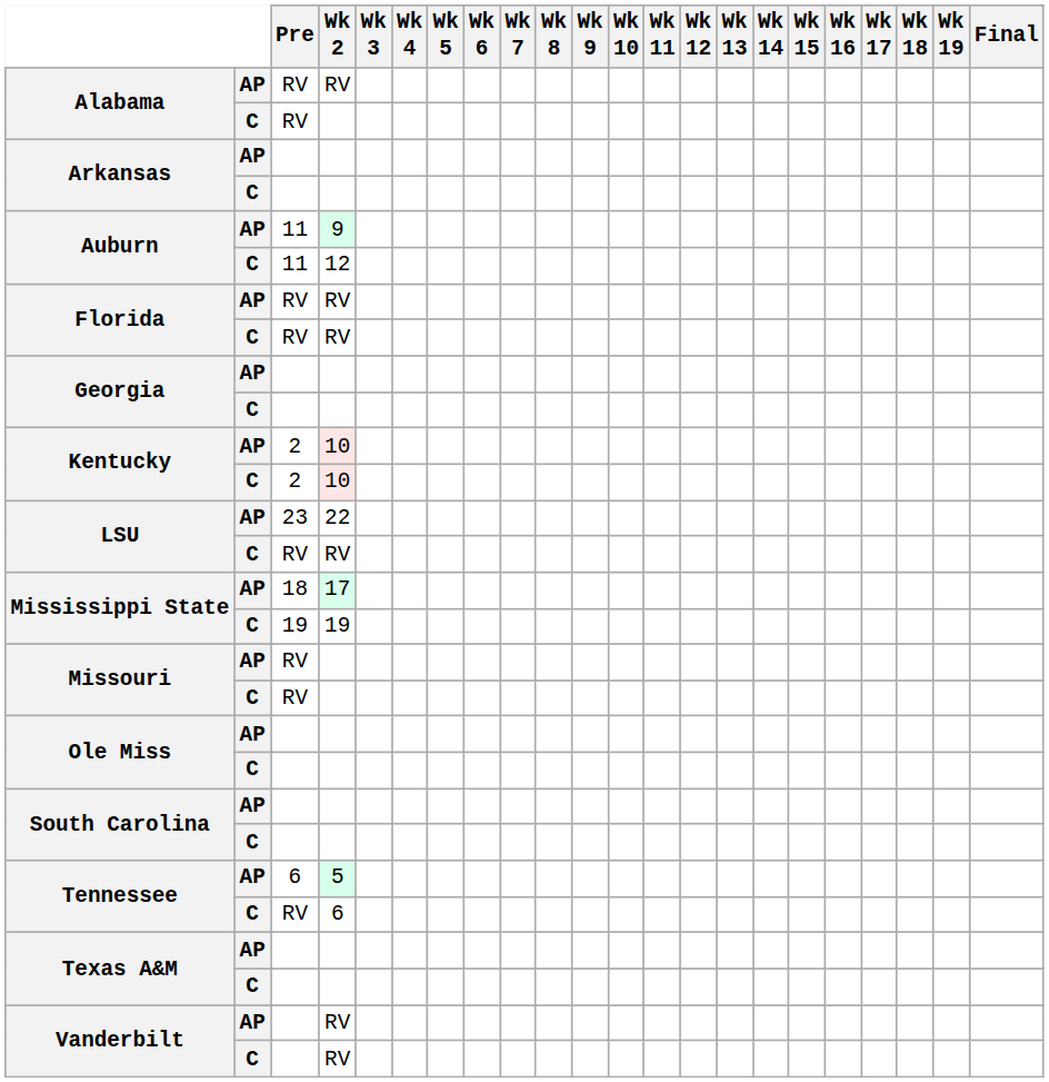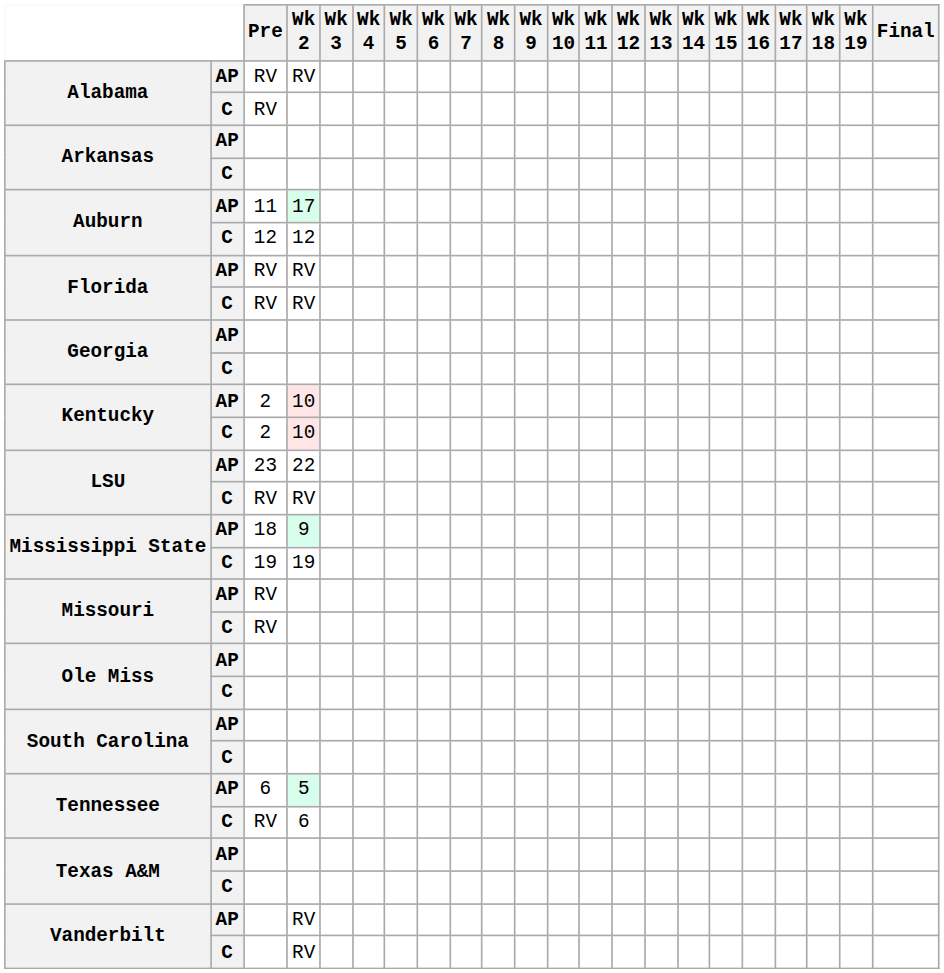 <table class="wikitable" style="white-space:nowrap;font-size:90%;">
 <tr>
 <th colspan=2 style="background:white; border-top-style:hidden; border-left-style:hidden;"> </th>
 <th>Pre</th>
 <th>Wk<br>2</th>
 <th>Wk<br>3</th>
 <th>Wk<br>4</th>
 <th>Wk<br>5</th>
 <th>Wk<br>6</th>
 <th>Wk<br>7</th>
 <th>Wk<br>8</th>
 <th>Wk<br>9</th>
 <th>Wk<br>10</th>
 <th>Wk<br>11</th>
 <th>Wk<br>12</th>
 <th>Wk<br>13</th>
 <th>Wk<br>14</th>
 <th>Wk<br>15</th>
 <th>Wk<br>16</th>
 <th>Wk<br>17</th>
 <th>Wk<br>18</th>
 <th>Wk<br>19</th>
 <th>Final</th>
 </tr>
 <tr style="text-align:center;">
 <th rowspan=2>Alabama</th>
 <th>AP</th>
 <td style="background:#FFF;">RV</td>
 <td style="background:#FFF;">RV</td>
 <td style="background:#FFF;"></td>
 <td style="background:#FFF;"></td>
 <td style="background:#FFF;"></td>
 <td style="background:#FFF;"></td>
 <td style="background:#FFF;"></td>
 <td style="background:#FFF;"></td>
 <td style="background:#FFF;"></td>
 <td style="background:#FFF;"></td>
 <td style="background:#FFF;"></td>
 <td style="background:#FFF;"></td>
 <td style="background:#FFF;"></td>
 <td style="background:#FFF;"></td>
 <td style="background:#FFF;"></td>
 <td style="background:#FFF;"></td>
 <td style="background:#FFF;"></td>
 <td style="background:#FFF;"></td>
 <td style="background:#FFF;"></td>
 <td style="background:#FFF;"></td>
 </tr>
 <tr style="text-align:center;">
 <th>C</th>
 <td style="background:#FFF;">RV</td>
 <td style="background:#FFF;"></td>
 <td style="background:#FFF;"></td>
 <td style="background:#FFF;"></td>
 <td style="background:#FFF;"></td>
 <td style="background:#FFF;"></td>
 <td style="background:#FFF;"></td>
 <td style="background:#FFF;"></td>
 <td style="background:#FFF;"></td>
 <td style="background:#FFF;"></td>
 <td style="background:#FFF;"></td>
 <td style="background:#FFF;"></td>
 <td style="background:#FFF;"></td>
 <td style="background:#FFF;"></td>
 <td style="background:#FFF;"></td>
 <td style="background:#FFF;"></td>
 <td style="background:#FFF;"></td>
 <td style="background:#FFF;"></td>
 <td style="background:#FFF;"></td>
 <td style="background:#FFF;"></td>
 </tr>
 <tr style="text-align:center;">
 <th rowspan=2>Arkansas</th>
 <th>AP</th>
 <td style="background:#FFF;"></td>
 <td style="background:#FFF;"></td>
 <td style="background:#FFF;"></td>
 <td style="background:#FFF;"></td>
 <td style="background:#FFF;"></td>
 <td style="background:#FFF;"></td>
 <td style="background:#FFF;"></td>
 <td style="background:#FFF;"></td>
 <td style="background:#FFF;"></td>
 <td style="background:#FFF;"></td>
 <td style="background:#FFF;"></td>
 <td style="background:#FFF;"></td>
 <td style="background:#FFF;"></td>
 <td style="background:#FFF;"></td>
 <td style="background:#FFF;"></td>
 <td style="background:#FFF;"></td>
 <td style="background:#FFF;"></td>
 <td style="background:#FFF;"></td>
 <td style="background:#FFF;"></td>
 <td style="background:#FFF;"></td>
 </tr>
 <tr style="text-align:center;">
 <th>C</th>
 <td style="background:#FFF;"></td>
 <td style="background:#FFF;"></td>
 <td style="background:#FFF;"></td>
 <td style="background:#FFF;"></td>
 <td style="background:#FFF;"></td>
 <td style="background:#FFF;"></td>
 <td style="background:#FFF;"></td>
 <td style="background:#FFF;"></td>
 <td style="background:#FFF;"></td>
 <td style="background:#FFF;"></td>
 <td style="background:#FFF;"></td>
 <td style="background:#FFF;"></td>
 <td style="background:#FFF;"></td>
 <td style="background:#FFF;"></td>
 <td style="background:#FFF;"></td>
 <td style="background:#FFF;"></td>
 <td style="background:#FFF;"></td>
 <td style="background:#FFF;"></td>
 <td style="background:#FFF;"></td>
 <td style="background:#FFF;"></td>
 </tr>
 <tr style="text-align:center;">
 <th rowspan=2>Auburn</th>
 <th>AP</th>
 <td style="background:#FFF;">11</td>
-<td style="background:#D8FFEB;">9</td>
+<td style="background:#D8FFEB;">17</td>
 <td style="background:#FFF;"></td>
 <td style="background:#FFF;"></td>
 <td style="background:#FFF;"></td>
 <td style="background:#FFF;"></td>
 <td style="background:#FFF;"></td>
 <td style="background:#FFF;"></td>
 <td style="background:#FFF;"></td>
 <td style="background:#FFF;"></td>
 <td style="background:#FFF;"></td>
 <td style="background:#FFF;"></td>
 <td style="background:#FFF;"></td>
 <td style="background:#FFF;"></td>
 <td style="background:#FFF;"></td>
 <td style="background:#FFF;"></td>
 <td style="background:#FFF;"></td>
 <td style="background:#FFF;"></td>
 <td style="background:#FFF;"></td>
 <td style="background:#FFF;"></td>
 </tr>
 <tr style="text-align:center;">
 <th>C</th>
-<td style="background:#FFF;">11</td>
+<td style="background:#FFF;">12</td>
 <td style="background:#FFF;">12</td>
 <td style="background:#FFF;"></td>
 <td style="background:#FFF;"></td>
 <td style="background:#FFF;"></td>
 <td style="background:#FFF;"></td>
 <td style="background:#FFF;"></td>
 <td style="background:#FFF;"></td>
 <td style="background:#FFF;"></td>
 <td style="background:#FFF;"></td>
 <td style="background:#FFF;"></td>
 <td style="background:#FFF;"></td>
 <td style="background:#FFF;"></td>
 <td style="background:#FFF;"></td>
 <td style="background:#FFF;"></td>
 <td style="background:#FFF;"></td>
 <td style="background:#FFF;"></td>
 <td style="background:#FFF;"></td>
 <td style="background:#FFF;"></td>
 <td style="background:#FFF;"></td>
 </tr>
 <tr style="text-align:center;">
 <th rowspan=2>Florida</th>
 <th>AP</th>
 <td style="background:#FFF;">RV</td>
 <td style="background:#FFF;">RV</td>
 <td style="background:#FFF;"></td>
 <td style="background:#FFF;"></td>
 <td style="background:#FFF;"></td>
 <td style="background:#FFF;"></td>
 <td style="background:#FFF;"></td>
 <td style="background:#FFF;"></td>
 <td style="background:#FFF;"></td>
 <td style="background:#FFF;"></td>
 <td style="background:#FFF;"></td>
 <td style="background:#FFF;"></td>
 <td style="background:#FFF;"></td>
 <td style="background:#FFF;"></td>
 <td style="background:#FFF;"></td>
 <td style="background:#FFF;"></td>
 <td style="background:#FFF;"></td>
 <td style="background:#FFF;"></td>
 <td style="background:#FFF;"></td>
 <td style="background:#FFF;"></td>
 </tr>
 <tr style="text-align:center;">
 <th>C</th>
 <td style="background:#FFF;">RV</td>
 <td style="background:#FFF;">RV</td>
 <td style="background:#FFF;"></td>
 <td style="background:#FFF;"></td>
 <td style="background:#FFF;"></td>
 <td style="background:#FFF;"></td>
 <td style="background:#FFF;"></td>
 <td style="background:#FFF;"></td>
 <td style="background:#FFF;"></td>
 <td style="background:#FFF;"></td>
 <td style="background:#FFF;"></td>
 <td style="background:#FFF;"></td>
 <td style="background:#FFF;"></td>
 <td style="background:#FFF;"></td>
 <td style="background:#FFF;"></td>
 <td style="background:#FFF;"></td>
 <td style="background:#FFF;"></td>
 <td style="background:#FFF;"></td>
 <td style="background:#FFF;"></td>
 <td style="background:#FFF;"></td>
 </tr>
 <tr style="text-align:center;">
 <th rowspan=2>Georgia</th>
 <th>AP</th>
 <td style="background:#FFF;"></td>
 <td style="background:#FFF;"></td>
 <td style="background:#FFF;"></td>
 <td style="background:#FFF;"></td>
 <td style="background:#FFF;"></td>
 <td style="background:#FFF;"></td>
 <td style="background:#FFF;"></td>
 <td style="background:#FFF;"></td>
 <td style="background:#FFF;"></td>
 <td style="background:#FFF;"></td>
 <td style="background:#FFF;"></td>
 <td style="background:#FFF;"></td>
 <td style="background:#FFF;"></td>
 <td style="background:#FFF;"></td>
 <td style="background:#FFF;"></td>
 <td style="background:#FFF;"></td>
 <td style="background:#FFF;"></td>
 <td style="background:#FFF;"></td>
 <td style="background:#FFF;"></td>
 <td style="background:#FFF;"></td>
 </tr>
 <tr style="text-align:center;">
 <th>C</th>
 <td style="background:#FFF;"></td>
 <td style="background:#FFF;"></td>
 <td style="background:#FFF;"></td>
 <td style="background:#FFF;"></td>
 <td style="background:#FFF;"></td>
 <td style="background:#FFF;"></td>
 <td style="background:#FFF;"></td>
 <td style="background:#FFF;"></td>
 <td style="background:#FFF;"></td>
 <td style="background:#FFF;"></td>
 <td style="background:#FFF;"></td>
 <td style="background:#FFF;"></td>
 <td style="background:#FFF;"></td>
 <td style="background:#FFF;"></td>
 <td style="background:#FFF;"></td>
 <td style="background:#FFF;"></td>
 <td style="background:#FFF;"></td>
 <td style="background:#FFF;"></td>
 <td style="background:#FFF;"></td>
 <td style="background:#FFF;"></td>
 </tr>
 <tr style="text-align:center;">
 <th rowspan=2>Kentucky</th>
 <th>AP</th>
 <td style="background:#FFF;">2</td>
 <td style="background:#FFE6E6;">10</td>
 <td style="background:#FFF;"></td>
 <td style="background:#FFF;"></td>
 <td style="background:#FFF;"></td>
 <td style="background:#FFF;"></td>
 <td style="background:#FFF;"></td>
 <td style="background:#FFF;"></td>
 <td style="background:#FFF;"></td>
 <td style="background:#FFF;"></td>
 <td style="background:#FFF;"></td>
 <td style="background:#FFF;"></td>
 <td style="background:#FFF;"></td>
 <td style="background:#FFF;"></td>
 <td style="background:#FFF;"></td>
 <td style="background:#FFF;"></td>
 <td style="background:#FFF;"></td>
 <td style="background:#FFF;"></td>
 <td style="background:#FFF;"></td>
 <td style="background:#FFF;"></td>
 </tr>
 <tr style="text-align:center;">
 <th>C</th>
 <td style="background:#FFF;">2</td>
 <td style="background:#FFE6E6;">10</td>
 <td style="background:#FFF;"></td>
 <td style="background:#FFF;"></td>
 <td style="background:#FFF;"></td>
 <td style="background:#FFF;"></td>
 <td style="background:#FFF;"></td>
 <td style="background:#FFF;"></td>
 <td style="background:#FFF;"></td>
 <td style="background:#FFF;"></td>
 <td style="background:#FFF;"></td>
 <td style="background:#FFF;"></td>
 <td style="background:#FFF;"></td>
 <td style="background:#FFF;"></td>
 <td style="background:#FFF;"></td>
 <td style="background:#FFF;"></td>
 <td style="background:#FFF;"></td>
 <td style="background:#FFF;"></td>
 <td style="background:#FFF;"></td>
 <td style="background:#FFF;"></td>
 </tr>
 <tr style="text-align:center;">
 <th rowspan=2>LSU</th>
 <th>AP</th>
 <td style="background:#FFF;">23</td>
 <td style="background:#FFF;">22</td>
 <td style="background:#FFF;"></td>
 <td style="background:#FFF;"></td>
 <td style="background:#FFF;"></td>
 <td style="background:#FFF;"></td>
 <td style="background:#FFF;"></td>
 <td style="background:#FFF;"></td>
 <td style="background:#FFF;"></td>
 <td style="background:#FFF;"></td>
 <td style="background:#FFF;"></td>
 <td style="background:#FFF;"></td>
 <td style="background:#FFF;"></td>
 <td style="background:#FFF;"></td>
 <td style="background:#FFF;"></td>
 <td style="background:#FFF;"></td>
 <td style="background:#FFF;"></td>
 <td style="background:#FFF;"></td>
 <td style="background:#FFF;"></td>
 <td style="background:#FFF;"></td>
 </tr>
 <tr style="text-align:center;">
 <th>C</th>
 <td style="background:#FFF;">RV</td>
 <td style="background:#FFF;">RV</td>
 <td style="background:#FFF;"></td>
 <td style="background:#FFF;"></td>
 <td style="background:#FFF;"></td>
 <td style="background:#FFF;"></td>
 <td style="background:#FFF;"></td>
 <td style="background:#FFF;"></td>
 <td style="background:#FFF;"></td>
 <td style="background:#FFF;"></td>
 <td style="background:#FFF;"></td>
 <td style="background:#FFF;"></td>
 <td style="background:#FFF;"></td>
 <td style="background:#FFF;"></td>
 <td style="background:#FFF;"></td>
 <td style="background:#FFF;"></td>
 <td style="background:#FFF;"></td>
 <td style="background:#FFF;"></td>
 <td style="background:#FFF;"></td>
 <td style="background:#FFF;"></td>
 </tr>
 <tr style="text-align:center;">
 <th rowspan=2>Mississippi State</th>
 <th>AP</th>
 <td style="background:#FFF;">18</td>
-<td style="background:#D8FFEB;">17</td>
+<td style="background:#D8FFEB;">9</td>
 <td style="background:#FFF;"></td>
 <td style="background:#FFF;"></td>
 <td style="background:#FFF;"></td>
 <td style="background:#FFF;"></td>
 <td style="background:#FFF;"></td>
 <td style="background:#FFF;"></td>
 <td style="background:#FFF;"></td>
 <td style="background:#FFF;"></td>
 <td style="background:#FFF;"></td>
 <td style="background:#FFF;"></td>
 <td style="background:#FFF;"></td>
 <td style="background:#FFF;"></td>
 <td style="background:#FFF;"></td>
 <td style="background:#FFF;"></td>
 <td style="background:#FFF;"></td>
 <td style="background:#FFF;"></td>
 <td style="background:#FFF;"></td>
 <td style="background:#FFF;"></td>
 </tr>
 <tr style="text-align:center;">
 <th>C</th>
 <td style="background:#FFF;">19</td>
 <td style="background:#FFF;">19</td>
 <td style="background:#FFF;"></td>
 <td style="background:#FFF;"></td>
 <td style="background:#FFF;"></td>
 <td style="background:#FFF;"></td>
 <td style="background:#FFF;"></td>
 <td style="background:#FFF;"></td>
 <td style="background:#FFF;"></td>
 <td style="background:#FFF;"></td>
 <td style="background:#FFF;"></td>
 <td style="background:#FFF;"></td>
 <td style="background:#FFF;"></td>
 <td style="background:#FFF;"></td>
 <td style="background:#FFF;"></td>
 <td style="background:#FFF;"></td>
 <td style="background:#FFF;"></td>
 <td style="background:#FFF;"></td>
 <td style="background:#FFF;"></td>
 <td style="background:#FFF;"></td>
 </tr>
 <tr style="text-align:center;">
 <th rowspan=2>Missouri</th>
 <th>AP</th>
 <td style="background:#FFF;">RV</td>
 <td style="background:#FFF;"></td>
 <td style="background:#FFF;"></td>
 <td style="background:#FFF;"></td>
 <td style="background:#FFF;"></td>
 <td style="background:#FFF;"></td>
 <td style="background:#FFF;"></td>
 <td style="background:#FFF;"></td>
 <td style="background:#FFF;"></td>
 <td style="background:#FFF;"></td>
 <td style="background:#FFF;"></td>
 <td style="background:#FFF;"></td>
 <td style="background:#FFF;"></td>
 <td style="background:#FFF;"></td>
 <td style="background:#FFF;"></td>
 <td style="background:#FFF;"></td>
 <td style="background:#FFF;"></td>
 <td style="background:#FFF;"></td>
 <td style="background:#FFF;"></td>
 <td style="background:#FFF;"></td>
 </tr>
 <tr style="text-align:center;">
 <th>C</th>
 <td style="background:#FFF;">RV</td>
 <td style="background:#FFF;"></td>
 <td style="background:#FFF;"></td>
 <td style="background:#FFF;"></td>
 <td style="background:#FFF;"></td>
 <td style="background:#FFF;"></td>
 <td style="background:#FFF;"></td>
 <td style="background:#FFF;"></td>
 <td style="background:#FFF;"></td>
 <td style="background:#FFF;"></td>
 <td style="background:#FFF;"></td>
 <td style="background:#FFF;"></td>
 <td style="background:#FFF;"></td>
 <td style="background:#FFF;"></td>
 <td style="background:#FFF;"></td>
 <td style="background:#FFF;"></td>
 <td style="background:#FFF;"></td>
 <td style="background:#FFF;"></td>
 <td style="background:#FFF;"></td>
 <td style="background:#FFF;"></td>
 </tr>
 <tr style="text-align:center;">
 <th rowspan=2>Ole Miss</th>
 <th>AP</th>
 <td style="background:#FFF;"></td>
 <td style="background:#FFF;"></td>
 <td style="background:#FFF;"></td>
 <td style="background:#FFF;"></td>
 <td style="background:#FFF;"></td>
 <td style="background:#FFF;"></td>
 <td style="background:#FFF;"></td>
 <td style="background:#FFF;"></td>
 <td style="background:#FFF;"></td>
 <td style="background:#FFF;"></td>
 <td style="background:#FFF;"></td>
 <td style="background:#FFF;"></td>
 <td style="background:#FFF;"></td>
 <td style="background:#FFF;"></td>
 <td style="background:#FFF;"></td>
 <td style="background:#FFF;"></td>
 <td style="background:#FFF;"></td>
 <td style="background:#FFF;"></td>
 <td style="background:#FFF;"></td>
 <td style="background:#FFF;"></td>
 </tr>
 <tr style="text-align:center;">
 <th>C</th>
 <td style="background:#FFF;"></td>
 <td style="background:#FFF;"></td>
 <td style="background:#FFF;"></td>
 <td style="background:#FFF;"></td>
 <td style="background:#FFF;"></td>
 <td style="background:#FFF;"></td>
 <td style="background:#FFF;"></td>
 <td style="background:#FFF;"></td>
 <td style="background:#FFF;"></td>
 <td style="background:#FFF;"></td>
 <td style="background:#FFF;"></td>
 <td style="background:#FFF;"></td>
 <td style="background:#FFF;"></td>
 <td style="background:#FFF;"></td>
 <td style="background:#FFF;"></td>
 <td style="background:#FFF;"></td>
 <td style="background:#FFF;"></td>
 <td style="background:#FFF;"></td>
 <td style="background:#FFF;"></td>
 <td style="background:#FFF;"></td>
 </tr>
 <tr style="text-align:center;">
 <th rowspan=2>South Carolina</th>
 <th>AP</th>
 <td style="background:#FFF;"></td>
 <td style="background:#FFF;"></td>
 <td style="background:#FFF;"></td>
 <td style="background:#FFF;"></td>
 <td style="background:#FFF;"></td>
 <td style="background:#FFF;"></td>
 <td style="background:#FFF;"></td>
 <td style="background:#FFF;"></td>
 <td style="background:#FFF;"></td>
 <td style="background:#FFF;"></td>
 <td style="background:#FFF;"></td>
 <td style="background:#FFF;"></td>
 <td style="background:#FFF;"></td>
 <td style="background:#FFF;"></td>
 <td style="background:#FFF;"></td>
 <td style="background:#FFF;"></td>
 <td style="background:#FFF;"></td>
 <td style="background:#FFF;"></td>
 <td style="background:#FFF;"></td>
 <td style="background:#FFF;"></td>
 </tr>
 <tr style="text-align:center;">
 <th>C</th>
 <td style="background:#FFF;"></td>
 <td style="background:#FFF;"></td>
 <td style="background:#FFF;"></td>
 <td style="background:#FFF;"></td>
 <td style="background:#FFF;"></td>
 <td style="background:#FFF;"></td>
 <td style="background:#FFF;"></td>
 <td style="background:#FFF;"></td>
 <td style="background:#FFF;"></td>
 <td style="background:#FFF;"></td>
 <td style="background:#FFF;"></td>
 <td style="background:#FFF;"></td>
 <td style="background:#FFF;"></td>
 <td style="background:#FFF;"></td>
 <td style="background:#FFF;"></td>
 <td style="background:#FFF;"></td>
 <td style="background:#FFF;"></td>
 <td style="background:#FFF;"></td>
 <td style="background:#FFF;"></td>
 <td style="background:#FFF;"></td>
 </tr>
 <tr style="text-align:center;">
 <th rowspan=2>Tennessee</th>
 <th>AP</th>
 <td style="background:#FFF;">6</td>
 <td style="background:#D8FFEB;">5</td>
 <td style="background:#FFF;"></td>
 <td style="background:#FFF;"></td>
 <td style="background:#FFF;"></td>
 <td style="background:#FFF;"></td>
 <td style="background:#FFF;"></td>
 <td style="background:#FFF;"></td>
 <td style="background:#FFF;"></td>
 <td style="background:#FFF;"></td>
 <td style="background:#FFF;"></td>
 <td style="background:#FFF;"></td>
 <td style="background:#FFF;"></td>
 <td style="background:#FFF;"></td>
 <td style="background:#FFF;"></td>
 <td style="background:#FFF;"></td>
 <td style="background:#FFF;"></td>
 <td style="background:#FFF;"></td>
 <td style="background:#FFF;"></td>
 <td style="background:#FFF;"></td>
 </tr>
 <tr style="text-align:center;">
 <th>C</th>
 <td style="background:#FFF;">RV</td>
 <td style="background:#FFF;">6</td>
 <td style="background:#FFF;"></td>
 <td style="background:#FFF;"></td>
 <td style="background:#FFF;"></td>
 <td style="background:#FFF;"></td>
 <td style="background:#FFF;"></td>
 <td style="background:#FFF;"></td>
 <td style="background:#FFF;"></td>
 <td style="background:#FFF;"></td>
 <td style="background:#FFF;"></td>
 <td style="background:#FFF;"></td>
 <td style="background:#FFF;"></td>
 <td style="background:#FFF;"></td>
 <td style="background:#FFF;"></td>
 <td style="background:#FFF;"></td>
 <td style="background:#FFF;"></td>
 <td style="background:#FFF;"></td>
 <td style="background:#FFF;"></td>
 <td style="background:#FFF;"></td>
 </tr>
 <tr style="text-align:center;">
 <th rowspan=2>Texas A&M</th>
 <th>AP</th>
 <td style="background:#FFF;"></td>
 <td style="background:#FFF;"></td>
 <td style="background:#FFF;"></td>
 <td style="background:#FFF;"></td>
 <td style="background:#FFF;"></td>
 <td style="background:#FFF;"></td>
 <td style="background:#FFF;"></td>
 <td style="background:#FFF;"></td>
 <td style="background:#FFF;"></td>
 <td style="background:#FFF;"></td>
 <td style="background:#FFF;"></td>
 <td style="background:#FFF;"></td>
 <td style="background:#FFF;"></td>
 <td style="background:#FFF;"></td>
 <td style="background:#FFF;"></td>
 <td style="background:#FFF;"></td>
 <td style="background:#FFF;"></td>
 <td style="background:#FFF;"></td>
 <td style="background:#FFF;"></td>
 <td style="background:#FFF;"></td>
 </tr>
 <tr style="text-align:center;">
 <th>C</th>
 <td style="background:#FFF;"></td>
 <td style="background:#FFF;"></td>
 <td style="background:#FFF;"></td>
 <td style="background:#FFF;"></td>
 <td style="background:#FFF;"></td>
 <td style="background:#FFF;"></td>
 <td style="background:#FFF;"></td>
 <td style="background:#FFF;"></td>
 <td style="background:#FFF;"></td>
 <td style="background:#FFF;"></td>
 <td style="background:#FFF;"></td>
 <td style="background:#FFF;"></td>
 <td style="background:#FFF;"></td>
 <td style="background:#FFF;"></td>
 <td style="background:#FFF;"></td>
 <td style="background:#FFF;"></td>
 <td style="background:#FFF;"></td>
 <td style="background:#FFF;"></td>
 <td style="background:#FFF;"></td>
 <td style="background:#FFF;"></td>
 </tr>
 <tr style="text-align:center;">
 <th rowspan=2>Vanderbilt</th>
 <th>AP</th>
 <td style="background:#FFF;"></td>
 <td style="background:#FFF;">RV</td>
 <td style="background:#FFF;"></td>
 <td style="background:#FFF;"></td>
 <td style="background:#FFF;"></td>
 <td style="background:#FFF;"></td>
 <td style="background:#FFF;"></td>
 <td style="background:#FFF;"></td>
 <td style="background:#FFF;"></td>
 <td style="background:#FFF;"></td>
 <td style="background:#FFF;"></td>
 <td style="background:#FFF;"></td>
 <td style="background:#FFF;"></td>
 <td style="background:#FFF;"></td>
 <td style="background:#FFF;"></td>
 <td style="background:#FFF;"></td>
 <td style="background:#FFF;"></td>
 <td style="background:#FFF;"></td>
 <td style="background:#FFF;"></td>
 <td style="background:#FFF;"></td>
 </tr>
 <tr style="text-align:center;">
 <th>C</th>
 <td style="background:#FFF;"></td>
 <td style="background:#FFF;">RV</td>
 <td style="background:#FFF;"></td>
 <td style="background:#FFF;"></td>
 <td style="background:#FFF;"></td>
 <td style="background:#FFF;"></td>
 <td style="background:#FFF;"></td>
 <td style="background:#FFF;"></td>
 <td style="background:#FFF;"></td>
 <td style="background:#FFF;"></td>
 <td style="background:#FFF;"></td>
 <td style="background:#FFF;"></td>
 <td style="background:#FFF;"></td>
 <td style="background:#FFF;"></td>
 <td style="background:#FFF;"></td>
 <td style="background:#FFF;"></td>
 <td style="background:#FFF;"></td>
 <td style="background:#FFF;"></td>
 <td style="background:#FFF;"></td>
 <td style="background:#FFF;"></td>
 </tr>
 </table>
